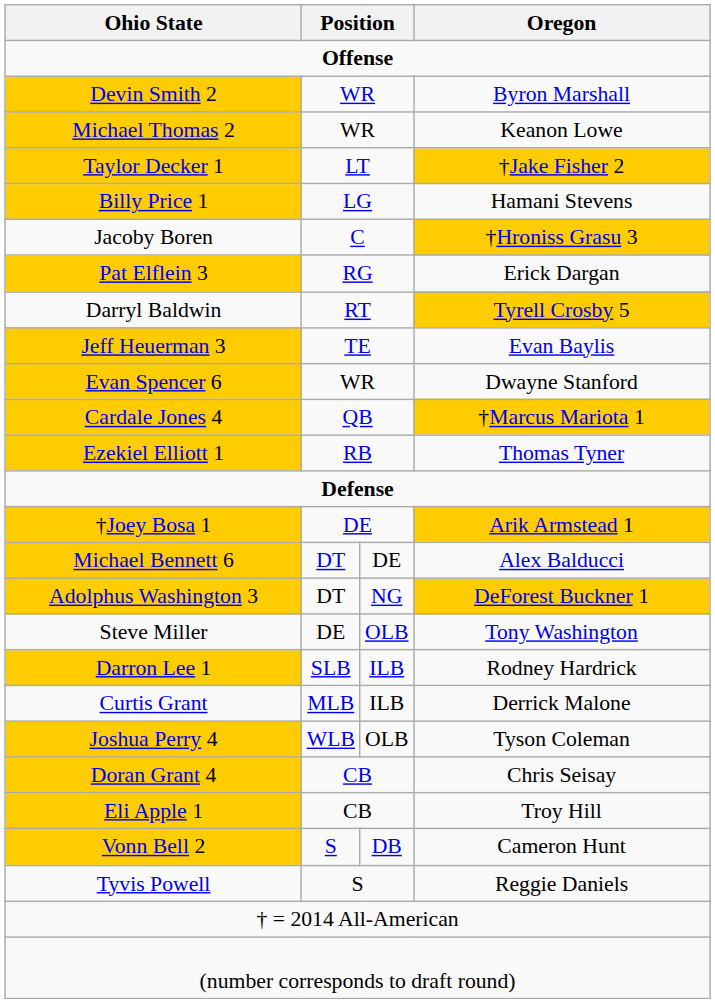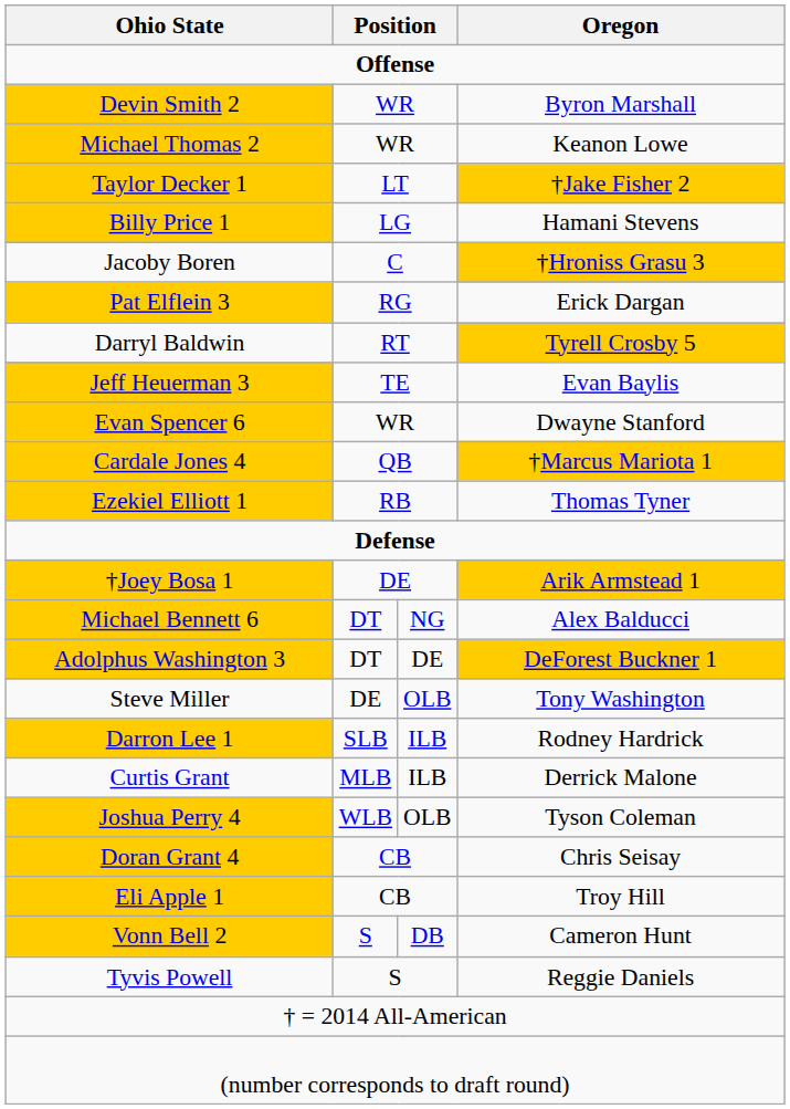 <table class="wikitable" style="text-align:center; font-size: 95%; margin: 1em auto;">
 <tr>
 <th style="width:200px;">Ohio State</th>
 <th colspan="2">Position</th>
 <th style="width:200px;">Oregon</th>
 </tr>
 <tr>
 <td colspan="4" style="text-align:center"><strong>Offense</strong></td>
 </tr>
 <tr>
 <td bgcolor="#FFCC00"><a href='#'>Devin Smith</a> 2</td>
 <td colspan="2" style="text-align:center"><a href='#'>WR</a></td>
 <td><a href='#'>Byron Marshall</a></td>
 </tr>
 <tr>
 <td bgcolor="#FFCC00"><a href='#'>Michael Thomas</a> 2</td>
 <td colspan="2" style="text-align:center">WR</td>
 <td>Keanon Lowe</td>
 </tr>
 <tr>
 <td bgcolor="#FFCC00"><a href='#'>Taylor Decker</a> 1</td>
 <td colspan="2" style="text-align:center"><a href='#'>LT</a></td>
 <td bgcolor="#FFCC00">†<a href='#'>Jake Fisher</a> 2</td>
 </tr>
 <tr>
 <td bgcolor="#FFCC00"><a href='#'>Billy Price</a> 1</td>
 <td colspan="2" style="text-align:center"><a href='#'>LG</a></td>
 <td>Hamani Stevens</td>
 </tr>
 <tr>
 <td>Jacoby Boren</td>
 <td colspan="2" style="text-align:center"><a href='#'>C</a></td>
 <td bgcolor="#FFCC00">†<a href='#'>Hroniss Grasu</a> 3</td>
 </tr>
 <tr>
 <td bgcolor="#FFCC00"><a href='#'>Pat Elflein</a> 3</td>
 <td colspan="2" style="text-align:center"><a href='#'>RG</a></td>
 <td>Erick Dargan</td>
 </tr>
 <tr>
 <td>Darryl Baldwin</td>
 <td colspan="2" style="text-align:center"><a href='#'>RT</a></td>
 <td bgcolor="#FFCC00"><a href='#'>Tyrell Crosby</a> 5</td>
 </tr>
 <tr>
 <td bgcolor="#FFCC00"><a href='#'>Jeff Heuerman</a> 3</td>
 <td colspan="2" style="text-align:center"><a href='#'>TE</a></td>
 <td><a href='#'>Evan Baylis</a></td>
 </tr>
 <tr>
 <td bgcolor="#FFCC00"><a href='#'>Evan Spencer</a> 6</td>
 <td colspan="2" style="text-align:center">WR</td>
 <td>Dwayne Stanford</td>
 </tr>
 <tr>
 <td bgcolor="#FFCC00"><a href='#'>Cardale Jones</a> 4</td>
 <td colspan="2" style="text-align:center"><a href='#'>QB</a></td>
 <td bgcolor="#FFCC00">†<a href='#'>Marcus Mariota</a> 1</td>
 </tr>
 <tr>
 <td bgcolor="#FFCC00"><a href='#'>Ezekiel Elliott</a> 1</td>
 <td colspan="2" style="text-align:center"><a href='#'>RB</a></td>
 <td><a href='#'>Thomas Tyner</a></td>
 </tr>
 <tr>
 <td colspan="4" style="text-align:center"><strong>Defense</strong></td>
 </tr>
 <tr>
 <td bgcolor="#FFCC00">†<a href='#'>Joey Bosa</a> 1</td>
 <td colspan="2" style="text-align:center"><a href='#'>DE</a></td>
 <td bgcolor="#FFCC00"><a href='#'>Arik Armstead</a> 1</td>
 </tr>
 <tr>
 <td bgcolor="#FFCC00"><a href='#'>Michael Bennett</a> 6</td>
 <td style="text-align:center"><a href='#'>DT</a></td>
-<td style="text-align:center">DE</td>
+<td style="text-align:center"><a href='#'>NG</a></td>
 <td><a href='#'>Alex Balducci</a></td>
 </tr>
 <tr>
 <td bgcolor="#FFCC00"><a href='#'>Adolphus Washington</a> 3</td>
 <td style="text-align:center">DT</td>
-<td style="text-align:center"><a href='#'>NG</a></td>
+<td style="text-align:center">DE</td>
 <td bgcolor="#FFCC00"><a href='#'>DeForest Buckner</a> 1</td>
 </tr>
 <tr>
 <td>Steve Miller</td>
 <td style="text-align:center">DE</td>
 <td style="text-align:center"><a href='#'>OLB</a></td>
 <td><a href='#'>Tony Washington</a></td>
 </tr>
 <tr>
 <td bgcolor="#FFCC00"><a href='#'>Darron Lee</a> 1</td>
 <td style="text-align:center"><a href='#'>SLB</a></td>
 <td style="text-align:center"><a href='#'>ILB</a></td>
 <td>Rodney Hardrick</td>
 </tr>
 <tr>
 <td><a href='#'>Curtis Grant</a></td>
 <td style="text-align:center"><a href='#'>MLB</a></td>
 <td style="text-align:center">ILB</td>
 <td>Derrick Malone</td>
 </tr>
 <tr>
 <td bgcolor="#FFCC00"><a href='#'>Joshua Perry</a> 4</td>
 <td style="text-align:center"><a href='#'>WLB</a></td>
 <td style="text-align:center">OLB</td>
 <td>Tyson Coleman</td>
 </tr>
 <tr>
 <td bgcolor="#FFCC00"><a href='#'>Doran Grant</a> 4</td>
 <td colspan="2" style="text-align:center"><a href='#'>CB</a></td>
 <td>Chris Seisay</td>
 </tr>
 <tr>
 <td bgcolor="#FFCC00"><a href='#'>Eli Apple</a> 1</td>
 <td colspan="2" style="text-align:center">CB</td>
 <td>Troy Hill</td>
 </tr>
 <tr>
 <td bgcolor="#FFCC00"><a href='#'>Vonn Bell</a> 2</td>
 <td style="text-align:center"><a href='#'>S</a></td>
 <td style="text-align:center"><a href='#'>DB</a></td>
 <td>Cameron Hunt</td>
 </tr>
 <tr>
 <td><a href='#'>Tyvis Powell</a></td>
 <td colspan="2" style="text-align:center">S</td>
 <td>Reggie Daniels</td>
 </tr>
 <tr>
 <td colspan=4 align=center>† = 2014 All-American</td>
 </tr>
 <tr>
 <td colspan=4 align=center><br>(number corresponds to draft round)</td>
 </tr>
 </table>
